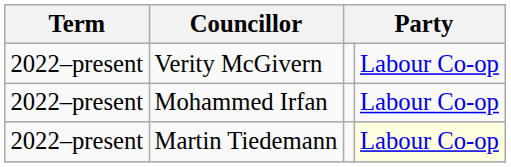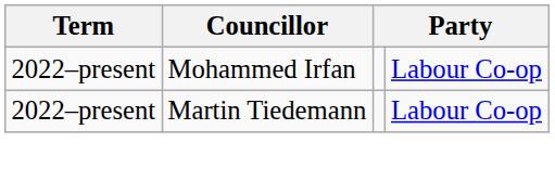 <table class="wikitable">
 <tr>
 <th>Term</th>
 <th>Councillor</th>
 <th colspan="2">Party</th>
-</tr>
-<tr>
-<td>2022–present</td>
-<td>Verity McGivern</td>
-<td rowspan="1;" style="background-color: "></td>
-<td rowspan="1"><a href='#'>Labour Co-op</a></td>
 </tr>
 <tr>
 <td>2022–present</td>
 <td>Mohammed Irfan</td>
 <td rowspan="1;" style="background-color: "></td>
 <td rowspan="1"><a href='#'>Labour Co-op</a></td>
 </tr>
 <tr>
 <td>2022–present</td>
 <td>Martin Tiedemann</td>
 <td rowspan="1;" style="background-color: "></td>
-<td rowspan="1" style="background: lightyellow;"><a href='#'>Labour Co-op</a></td>
+<td rowspan="1"><a href='#'>Labour Co-op</a></td>
 </tr>
 </table>
